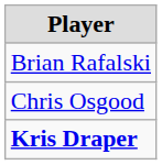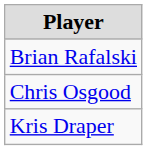 <table class="wikitable">
 <tr style="text-align:center; background:#ddd;">
 <td><strong>Player</strong></td>
 </tr>
 <tr>
 <td><a href='#'>Brian Rafalski</a></td>
 </tr>
 <tr>
 <td><a href='#'>Chris Osgood</a></td>
 </tr>
 <tr>
-<td><strong><a href='#'>Kris Draper</a></strong></td>
+<td><a href='#'>Kris Draper</a></td>
 </tr>
 </table>
